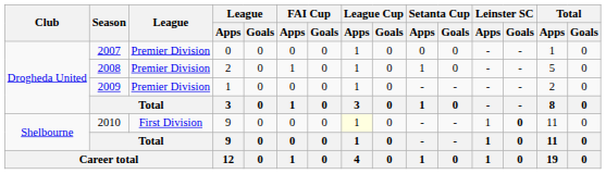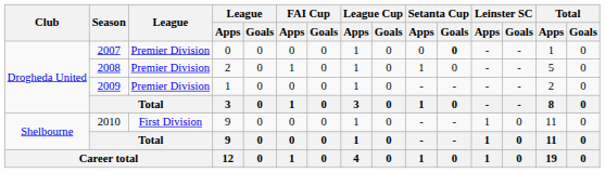 <table class="wikitable" style="text-align: center;">
 <tr>
 <th rowspan="2">Club</th>
 <th rowspan="2">Season</th>
 <th rowspan="2">League</th>
 <th colspan="2">League</th>
 <th colspan="2">FAI Cup</th>
 <th colspan="2">League Cup</th>
 <th colspan="2">Setanta Cup</th>
 <th colspan="2">Leinster SC</th>
 <th colspan="2">Total</th>
 </tr>
 <tr>
 <th>Apps</th>
 <th>Goals</th>
 <th>Apps</th>
 <th>Goals</th>
 <th>Apps</th>
 <th>Goals</th>
 <th>Apps</th>
 <th>Goals</th>
 <th>Apps</th>
 <th>Goals</th>
 <th>Apps</th>
 <th>Goals</th>
 </tr>
 <tr>
 <td rowspan="4" valign="center"><a href='#'>Drogheda United</a></td>
 <td><a href='#'>2007</a></td>
 <td><a href='#'>Premier Division</a></td>
 <td>0</td>
 <td>0</td>
 <td>0</td>
 <td>0</td>
 <td>1</td>
 <td>0</td>
 <td>0</td>
-<td>0</td>
+<td><strong>0</strong></td>
 <td>-</td>
 <td>-</td>
 <td>1</td>
 <td>0</td>
 </tr>
 <tr>
 <td><a href='#'>2008</a></td>
 <td><a href='#'>Premier Division</a></td>
 <td>2</td>
 <td>0</td>
 <td>1</td>
 <td>0</td>
 <td>1</td>
 <td>0</td>
 <td>1</td>
 <td>0</td>
 <td>-</td>
 <td>-</td>
 <td>5</td>
 <td>0</td>
 </tr>
 <tr>
 <td><a href='#'>2009</a></td>
 <td><a href='#'>Premier Division</a></td>
 <td>1</td>
 <td>0</td>
 <td>0</td>
 <td>0</td>
 <td>1</td>
 <td>0</td>
 <td>-</td>
 <td>-</td>
 <td>-</td>
 <td>-</td>
 <td>2</td>
 <td>0</td>
 </tr>
 <tr>
 <th colspan="2">Total</th>
 <th>3</th>
 <th>0</th>
 <th>1</th>
 <th>0</th>
 <th>3</th>
 <th>0</th>
 <th>1</th>
 <th>0</th>
 <th>-</th>
 <th>-</th>
 <th>8</th>
 <th>0</th>
 </tr>
 <tr>
 <td rowspan="2"><a href='#'>Shelbourne</a></td>
 <td>2010</td>
 <td><a href='#'>First Division</a></td>
 <td>9</td>
 <td>0</td>
 <td>0</td>
 <td>0</td>
-<td style="background: lightyellow;">1</td>
+<td>1</td>
 <td>0</td>
 <td>-</td>
 <td>-</td>
 <td>1</td>
-<td><strong>0</strong></td>
+<td>0</td>
 <td>11</td>
 <td>0</td>
 </tr>
 <tr>
 <th colspan="2">Total</th>
 <th>9</th>
 <th>0</th>
 <th>0</th>
 <th>0</th>
 <th>1</th>
 <th>0</th>
 <th>-</th>
 <th>-</th>
 <th>1</th>
 <th>0</th>
 <th>11</th>
 <th>0</th>
 </tr>
 <tr>
 <th colspan="3">Career total</th>
 <th>12</th>
 <th>0</th>
 <th>1</th>
 <th>0</th>
 <th>4</th>
 <th>0</th>
 <th>1</th>
 <th>0</th>
 <th>1</th>
 <th>0</th>
 <th>19</th>
 <th>0</th>
 </tr>
 </table>
